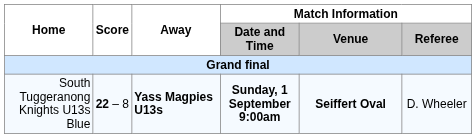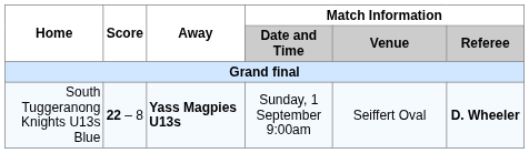 <table border="1" cellpadding="3" cellspacing="0" width="100%" style="border-collapse:collapse;  text-align:center;">
 <tr>
 <th rowspan="2" width="19%">Home</th>
 <th rowspan="2" width="8%">Score</th>
 <th rowspan="2" width="19%">Away</th>
 <th colspan="3">Match Information</th>
 </tr>
 <tr bgcolor="#CCCCCC">
 <th width="17%">Date and Time</th>
 <th width="22%">Venue</th>
 <th width="50%">Referee</th>
 </tr>
 <tr style="background:#d0e7ff;">
 <td colspan="6"><strong>Grand final</strong></td>
 </tr>
 <tr style="text-align:center; background:#f5faff;">
 <td align="right">South Tuggeranong Knights U13s Blue </td>
 <td><strong>22</strong> – 8</td>
 <td align="left"><strong> Yass Magpies U13s</strong></td>
-<td><strong>Sunday, 1 September 9:00am</strong></td>
-<td><strong>Seiffert Oval</strong></td>
-<td>D. Wheeler</td>
+<td>Sunday, 1 September 9:00am</td>
+<td>Seiffert Oval</td>
+<td><strong>D. Wheeler</strong></td>
 </tr>
 </table>
